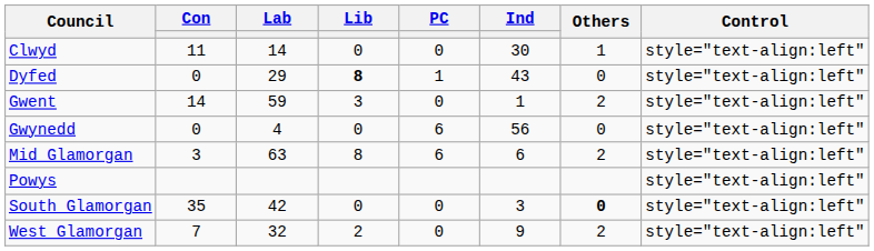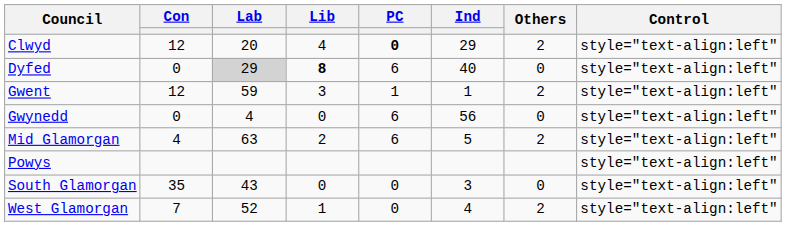 <table class="wikitable" style="text-align:center;">
 <tr>
 <th rowspan=2>Council</th>
 <th style="width:60px;"><a href='#'>Con</a></th>
 <th style="width:60px;"><a href='#'>Lab</a></th>
 <th style="width:60px;"><a href='#'>Lib</a></th>
 <th style="width:60px;"><a href='#'>PC</a></th>
 <th style="width:60px;"><a href='#'>Ind</a></th>
 <th style="width:60px;" rowspan=2>Others</th>
 <th rowspan=2 colspan=2>Control</th>
 </tr>
 <tr>
 <th style="background:"></th>
 <th style="background:"></th>
 <th style="background:"></th>
 <th style="background:"></th>
 <th style="background:"></th>
 </tr>
 <tr>
 <td style="text-align:left"><a href='#'>Clwyd</a></td>
-<td>11</td>
-<td>14</td>
-<td>0</td>
-<td>0</td>
-<td>30</td>
-<td>1</td>
+<td>12</td>
+<td>20</td>
+<td>4</td>
+<td><strong>0</strong></td>
+<td>29</td>
+<td>2</td>
 <td>style="text-align:left" </td>
 </tr>
 <tr>
 <td style="text-align:left"><a href='#'>Dyfed</a></td>
 <td>0</td>
-<td>29</td>
+<td style="background: lightgrey;">29</td>
 <td><strong>8</strong></td>
-<td>1</td>
-<td>43</td>
+<td>6</td>
+<td>40</td>
 <td>0</td>
 <td>style="text-align:left" </td>
 </tr>
 <tr>
 <td style="text-align:left"><a href='#'>Gwent</a></td>
-<td>14</td>
+<td>12</td>
 <td>59</td>
 <td>3</td>
-<td>0</td>
+<td>1</td>
 <td>1</td>
 <td>2</td>
 <td>style="text-align:left" </td>
 </tr>
 <tr>
 <td style="text-align:left"><a href='#'>Gwynedd</a></td>
 <td>0</td>
 <td>4</td>
 <td>0</td>
 <td>6</td>
 <td>56</td>
 <td>0</td>
 <td>style="text-align:left" </td>
 </tr>
 <tr>
 <td style="text-align:left"><a href='#'>Mid Glamorgan</a></td>
-<td>3</td>
+<td>4</td>
 <td>63</td>
-<td>8</td>
+<td>2</td>
 <td>6</td>
-<td>6</td>
+<td>5</td>
 <td>2</td>
 <td>style="text-align:left" </td>
 </tr>
 <tr>
 <td style="text-align:left"><a href='#'>Powys</a></td>
 <td> </td>
 <td> </td>
 <td> </td>
 <td> </td>
 <td> </td>
 <td> </td>
 <td>style="text-align:left" </td>
 </tr>
 <tr>
 <td style="text-align:left"><a href='#'>South Glamorgan</a></td>
 <td>35</td>
-<td>42</td>
+<td>43</td>
 <td>0</td>
 <td>0</td>
 <td>3</td>
-<td><strong>0</strong></td>
+<td>0</td>
 <td>style="text-align:left" </td>
 </tr>
 <tr>
 <td style="text-align:left"><a href='#'>West Glamorgan</a></td>
 <td>7</td>
-<td>32</td>
-<td>2</td>
+<td>52</td>
+<td>1</td>
 <td>0</td>
-<td>9</td>
+<td>4</td>
 <td>2</td>
 <td>style="text-align:left" </td>
 </tr>
 </table>
